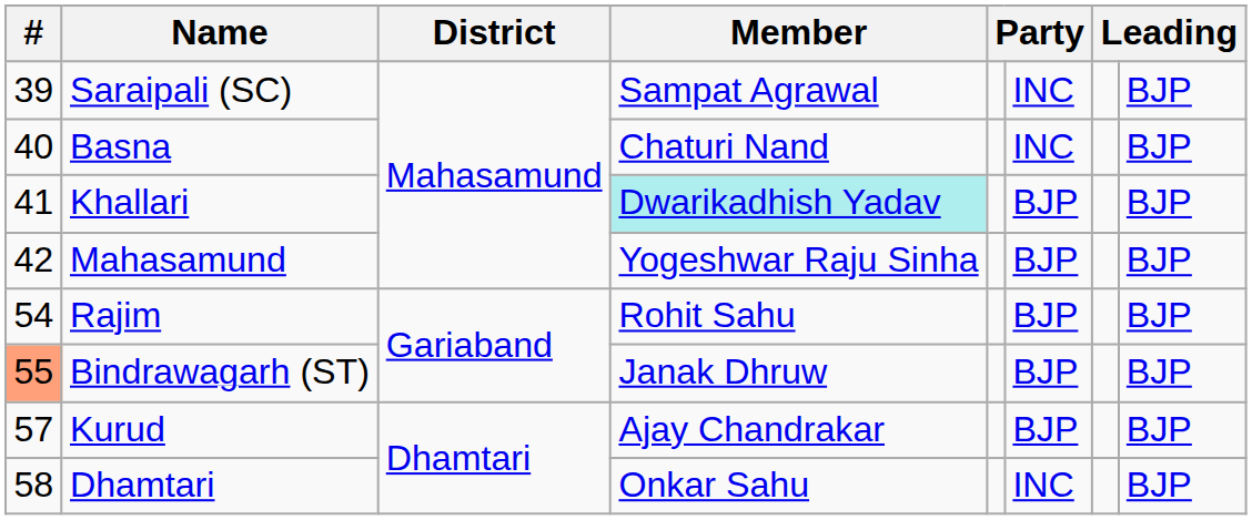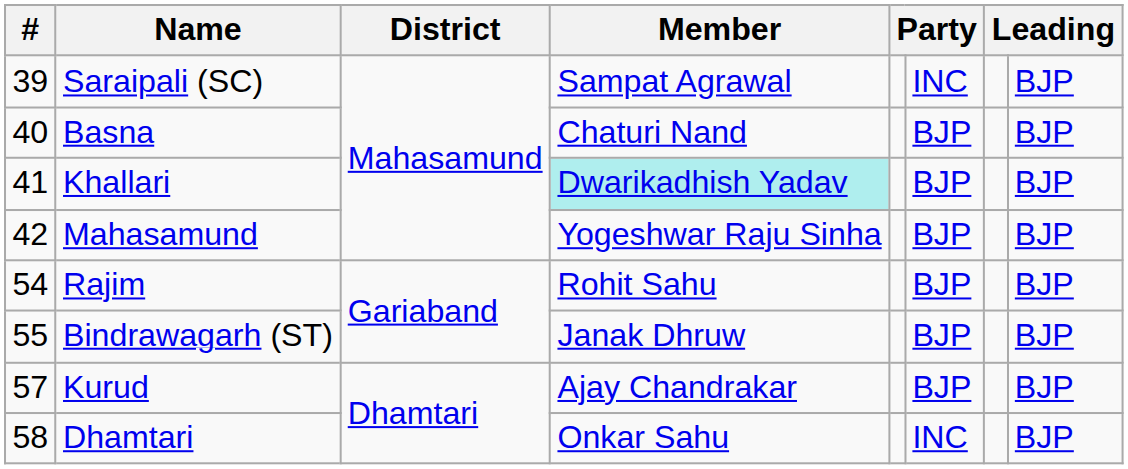 <table class="wikitable">
 <tr>
 <th>#</th>
 <th>Name</th>
 <th>District</th>
 <th>Member</th>
 <th colspan="2">Party</th>
 <th colspan="2">Leading<br></th>
 </tr>
 <tr>
 <td>39</td>
 <td><a href='#'>Saraipali</a> (SC)</td>
 <td rowspan="4"><a href='#'>Mahasamund</a></td>
 <td><a href='#'>Sampat Agrawal</a></td>
 <td style="background-color: "></td>
 <td><a href='#'>INC</a></td>
 <td style="background-color: "></td>
 <td><a href='#'>BJP</a></td>
 </tr>
 <tr>
 <td>40</td>
 <td><a href='#'>Basna</a></td>
 <td><a href='#'>Chaturi Nand</a></td>
 <td style="background-color: "></td>
-<td><a href='#'>INC</a></td>
+<td><a href='#'>BJP</a></td>
 <td style="background-color: "></td>
 <td><a href='#'>BJP</a></td>
 </tr>
 <tr>
 <td>41</td>
 <td><a href='#'>Khallari</a></td>
 <td style="background: paleturquoise;"><a href='#'>Dwarikadhish Yadav</a></td>
 <td style="background-color: "></td>
 <td><a href='#'>BJP</a></td>
 <td style="background-color: "></td>
 <td><a href='#'>BJP</a></td>
 </tr>
 <tr>
 <td>42</td>
 <td><a href='#'>Mahasamund</a></td>
 <td><a href='#'>Yogeshwar Raju Sinha</a></td>
 <td style="background-color: "></td>
 <td><a href='#'>BJP</a></td>
 <td style="background-color: "></td>
 <td><a href='#'>BJP</a></td>
 </tr>
 <tr>
 <td>54</td>
 <td><a href='#'>Rajim</a></td>
 <td rowspan="2"><a href='#'>Gariaband</a></td>
 <td><a href='#'>Rohit Sahu</a></td>
 <td style="background-color: "></td>
 <td><a href='#'>BJP</a></td>
 <td style="background-color: "></td>
 <td><a href='#'>BJP</a></td>
 </tr>
 <tr>
-<td style="background: lightsalmon;">55</td>
+<td>55</td>
 <td><a href='#'>Bindrawagarh</a> (ST)</td>
 <td><a href='#'>Janak Dhruw</a></td>
 <td style="background-color: "></td>
 <td><a href='#'>BJP</a></td>
 <td style="background-color: "></td>
 <td><a href='#'>BJP</a></td>
 </tr>
 <tr>
 <td>57</td>
 <td><a href='#'>Kurud</a></td>
 <td rowspan="2"><a href='#'>Dhamtari</a></td>
 <td><a href='#'>Ajay Chandrakar</a></td>
 <td style="background-color: "></td>
 <td><a href='#'>BJP</a></td>
 <td style="background-color: "></td>
 <td><a href='#'>BJP</a></td>
 </tr>
 <tr>
 <td>58</td>
 <td><a href='#'>Dhamtari</a></td>
 <td><a href='#'>Onkar Sahu</a></td>
 <td style="background-color: "></td>
 <td><a href='#'>INC</a></td>
 <td style="background-color: "></td>
 <td><a href='#'>BJP</a></td>
 </tr>
 </table>
